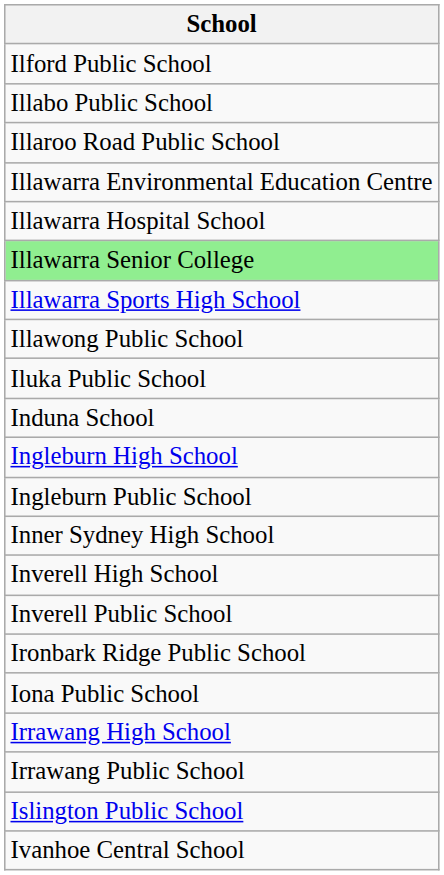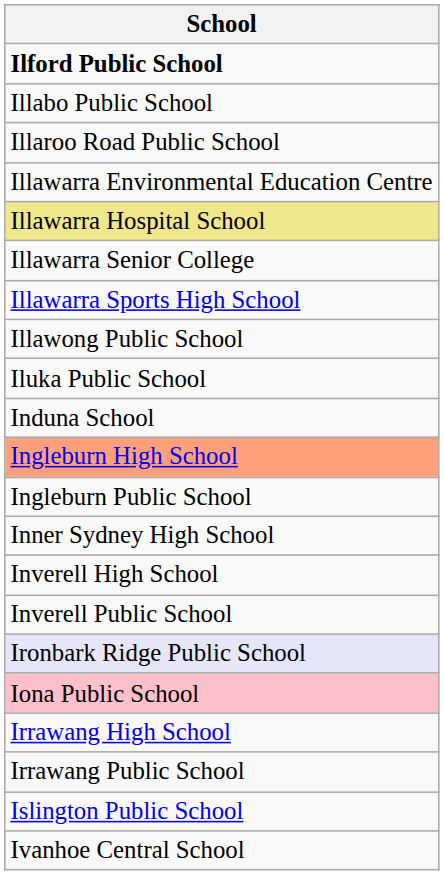 <table class="wikitable">
 <tr>
 <th>School</th>
 </tr>
 <tr>
-<td>Ilford Public School</td>
+<td><strong>Ilford Public School</strong></td>
 </tr>
 <tr>
 <td>Illabo Public School</td>
 </tr>
 <tr>
 <td>Illaroo Road Public School</td>
 </tr>
 <tr>
 <td>Illawarra Environmental Education Centre</td>
 </tr>
 <tr>
-<td>Illawarra Hospital School</td>
+<td style="background: khaki;">Illawarra Hospital School</td>
 </tr>
 <tr>
-<td style="background: lightgreen;">Illawarra Senior College</td>
+<td>Illawarra Senior College</td>
 </tr>
 <tr>
 <td><a href='#'>Illawarra Sports High School</a></td>
 </tr>
 <tr>
 <td>Illawong Public School</td>
 </tr>
 <tr>
 <td>Iluka Public School</td>
 </tr>
 <tr>
 <td>Induna School</td>
 </tr>
 <tr>
-<td><a href='#'>Ingleburn High School</a></td>
+<td style="background: lightsalmon;"><a href='#'>Ingleburn High School</a></td>
 </tr>
 <tr>
 <td>Ingleburn Public School</td>
 </tr>
 <tr>
 <td>Inner Sydney High School</td>
 </tr>
 <tr>
 <td>Inverell High School</td>
 </tr>
 <tr>
 <td>Inverell Public School</td>
 </tr>
 <tr>
-<td>Ironbark Ridge Public School</td>
+<td style="background: lavender;">Ironbark Ridge Public School</td>
 </tr>
 <tr>
-<td>Iona Public School</td>
+<td style="background: pink;">Iona Public School</td>
 </tr>
 <tr>
 <td><a href='#'>Irrawang High School</a></td>
 </tr>
 <tr>
 <td>Irrawang Public School</td>
 </tr>
 <tr>
 <td><a href='#'>Islington Public School</a></td>
 </tr>
 <tr>
 <td>Ivanhoe Central School</td>
 </tr>
 </table>
